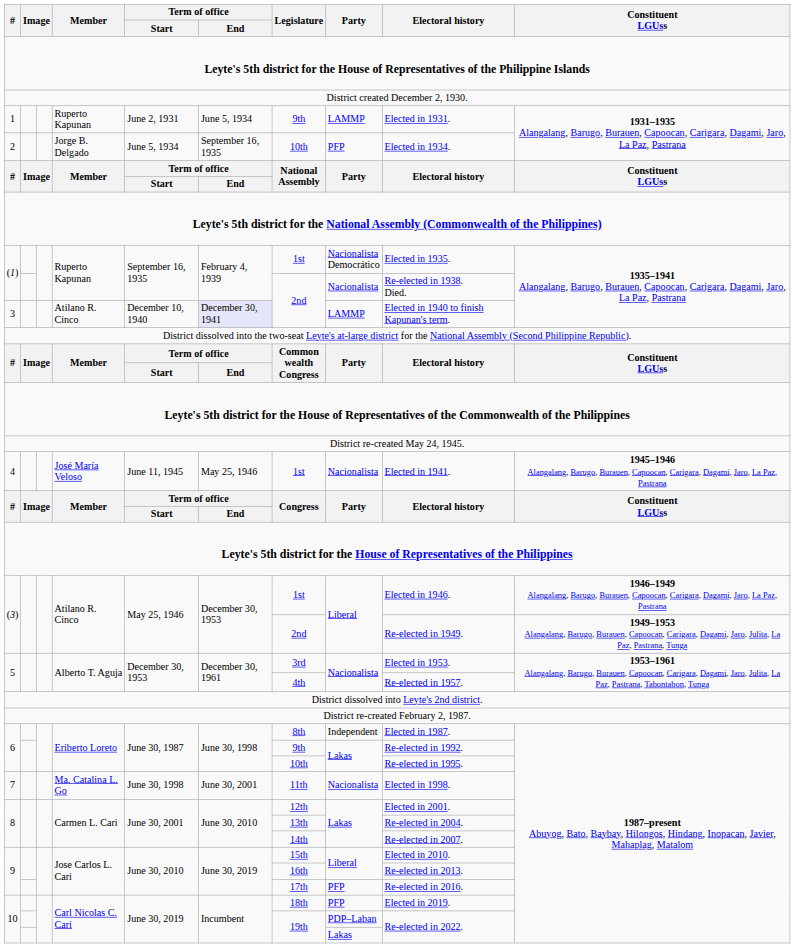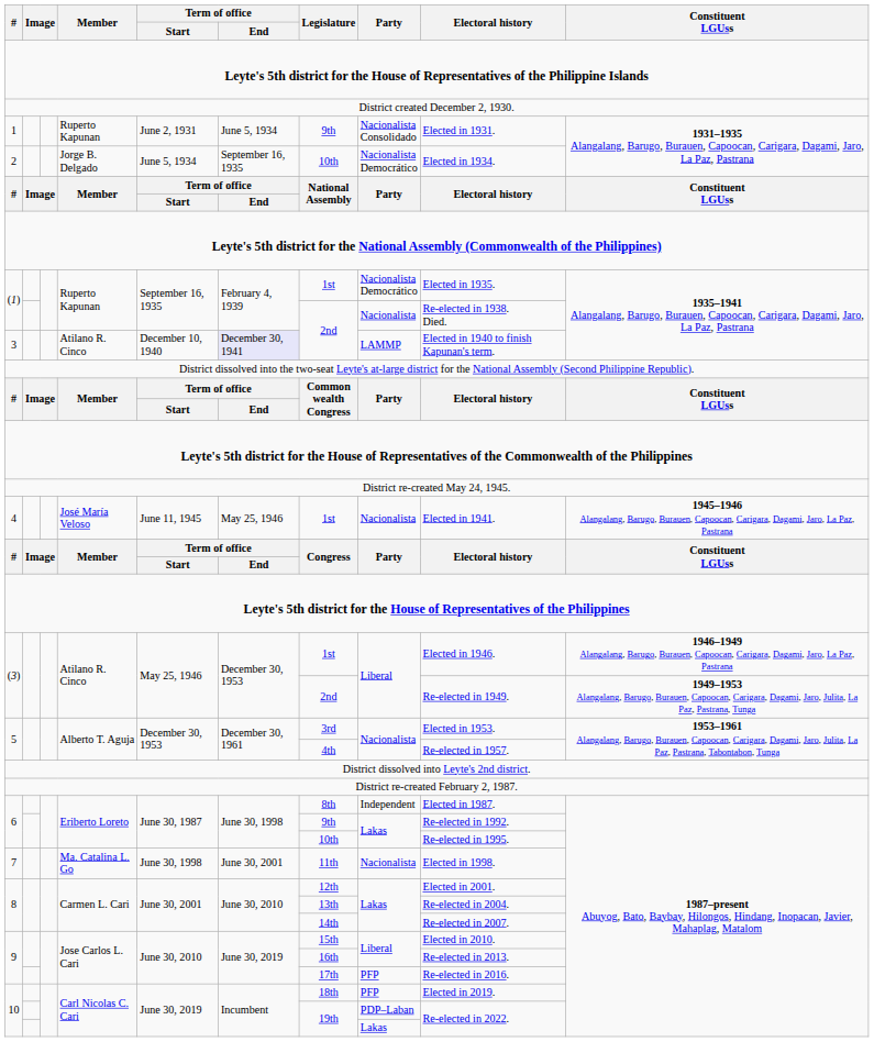 <table class=wikitable>
 <tr>
 <th rowspan="2">#</th>
 <th rowspan="2" colspan=2>Image</th>
 <th rowspan="2">Member</th>
 <th colspan=2>Term of office</th>
 <th rowspan="2">Legislature</th>
 <th rowspan="2">Party</th>
 <th rowspan="2">Electoral history</th>
 <th rowspan="2">Constituent<br><a href='#'>LGUs</a>s</th>
 </tr>
 <tr>
 <th>Start</th>
 <th>End</th>
 </tr>
 <tr>
 <td colspan="10" style="text-align:center;"><br><h3>Leyte's 5th district for the House of Representatives of the Philippine Islands</h3></td>
 </tr>
 <tr>
 <td colspan="10" style="text-align:center;">District created December 2, 1930.</td>
 </tr>
 <tr>
 <td style="text-align:center;">1</td>
 <td style="color:inherit;background:"></td>
 <td></td>
 <td>Ruperto Kapunan</td>
 <td>June 2, 1931</td>
 <td>June 5, 1934</td>
 <td style="text-align:center;"><a href='#'>9th</a></td>
-<td><a href='#'>LAMMP</a></td>
+<td><a href='#'>Nacionalista</a><br>Consolidado</td>
 <td><a href='#'>Elected in 1931</a>.</td>
 <td rowspan="2" style="text-align:center;"><strong>1931–1935</strong><br><a href='#'>Alangalang</a>, <a href='#'>Barugo</a>, <a href='#'>Burauen</a>, <a href='#'>Capoocan</a>, <a href='#'>Carigara</a>, <a href='#'>Dagami</a>, <a href='#'>Jaro</a>, <a href='#'>La Paz</a>, <a href='#'>Pastrana</a></td>
 </tr>
 <tr>
 <td style="text-align:center;">2</td>
 <td style="color:inherit;background:"></td>
 <td></td>
 <td>Jorge B. Delgado</td>
 <td>June 5, 1934</td>
 <td>September 16, 1935</td>
 <td style="text-align:center;"><a href='#'>10th</a></td>
-<td><a href='#'>PFP</a></td>
+<td><a href='#'>Nacionalista</a><br>Democrático</td>
 <td><a href='#'>Elected in 1934</a>.</td>
 </tr>
 <tr>
 <th rowspan="2">#</th>
 <th rowspan="2" colspan=2>Image</th>
 <th rowspan="2">Member</th>
 <th colspan=2>Term of office</th>
 <th rowspan="2">National<br>Assembly</th>
 <th rowspan="2">Party</th>
 <th rowspan="2">Electoral history</th>
 <th rowspan="2">Constituent<br><a href='#'>LGUs</a>s</th>
 </tr>
 <tr>
 <th>Start</th>
 <th>End</th>
 </tr>
 <tr>
 <td colspan="10" style="text-align:center;"><br><h3>Leyte's 5th district for the <a href='#'>National Assembly (Commonwealth of the Philippines)</a></h3></td>
 </tr>
 <tr>
 <td rowspan="2" style="text-align:center;">(<em>1</em>)</td>
 <td style="color:inherit;background:"></td>
 <td rowspan="2"></td>
 <td rowspan="2">Ruperto Kapunan</td>
 <td rowspan="2">September 16, 1935</td>
 <td rowspan="2">February 4, 1939</td>
 <td style="text-align:center;"><a href='#'>1st</a></td>
 <td><a href='#'>Nacionalista</a><br>Democrático</td>
 <td><a href='#'>Elected in 1935</a>.</td>
 <td rowspan="3" style="text-align:center;"><strong>1935–1941</strong><br><a href='#'>Alangalang</a>, <a href='#'>Barugo</a>, <a href='#'>Burauen</a>, <a href='#'>Capoocan</a>, <a href='#'>Carigara</a>, <a href='#'>Dagami</a>, <a href='#'>Jaro</a>, <a href='#'>La Paz</a>, <a href='#'>Pastrana</a></td>
 </tr>
 <tr>
 <td style="color:inherit;background:"></td>
 <td rowspan="2" style="text-align:center;"><a href='#'>2nd</a></td>
 <td><a href='#'>Nacionalista</a></td>
 <td><a href='#'>Re-elected in 1938</a>.<br>Died.</td>
 </tr>
 <tr>
 <td style="text-align:center;">3</td>
 <td style="color:inherit;background:"></td>
 <td></td>
 <td>Atilano R. Cinco</td>
 <td>December 10, 1940</td>
 <td style="background: lavender;">December 30, 1941</td>
 <td><a href='#'>LAMMP</a></td>
 <td><a href='#'>Elected in 1940 to finish Kapunan's term</a>.</td>
 </tr>
 <tr>
 <td colspan="10" style="text-align:center;">District dissolved into the two-seat <a href='#'>Leyte's at-large district</a> for the <a href='#'>National Assembly (Second Philippine Republic)</a>.</td>
 </tr>
 <tr>
 <th rowspan="2">#</th>
 <th rowspan="2" colspan=2>Image</th>
 <th rowspan="2">Member</th>
 <th colspan=2>Term of office</th>
 <th rowspan="2">Common<br>wealth<br>Congress</th>
 <th rowspan="2">Party</th>
 <th rowspan="2">Electoral history</th>
 <th rowspan="2">Constituent<br><a href='#'>LGUs</a>s</th>
 </tr>
 <tr>
 <th>Start</th>
 <th>End</th>
 </tr>
 <tr>
 <td colspan="10" style="text-align:center;"><br><h3>Leyte's 5th district for the House of Representatives of the Commonwealth of the Philippines</h3></td>
 </tr>
 <tr>
 <td colspan="10" style="text-align:center;">District re-created May 24, 1945.</td>
 </tr>
 <tr>
 <td style="text-align:center;">4</td>
 <td style="color:inherit;background:"></td>
 <td></td>
 <td><a href='#'>José María Veloso</a></td>
 <td>June 11, 1945</td>
 <td>May 25, 1946</td>
 <td style="text-align:center;"><a href='#'>1st</a></td>
 <td><a href='#'>Nacionalista</a></td>
 <td><a href='#'>Elected in 1941</a>.</td>
 <td style="text-align:center;"><strong>1945–1946</strong><br><small><a href='#'>Alangalang</a>, <a href='#'>Barugo</a>, <a href='#'>Burauen</a>, <a href='#'>Capoocan</a>, <a href='#'>Carigara</a>, <a href='#'>Dagami</a>, <a href='#'>Jaro</a>, <a href='#'>La Paz</a>, <a href='#'>Pastrana</a></small></td>
 </tr>
 <tr>
 <th rowspan="2">#</th>
 <th rowspan="2" colspan=2>Image</th>
 <th rowspan="2">Member</th>
 <th colspan=2>Term of office</th>
 <th rowspan="2">Congress</th>
 <th rowspan="2">Party</th>
 <th rowspan="2">Electoral history</th>
 <th rowspan="2">Constituent<br><a href='#'>LGUs</a>s</th>
 </tr>
 <tr>
 <th>Start</th>
 <th>End</th>
 </tr>
 <tr>
 <td colspan="10" style="text-align:center;"><br><h3>Leyte's 5th district for the <a href='#'>House of Representatives of the Philippines</a></h3></td>
 </tr>
 <tr>
 <td rowspan="2" style="text-align:center;">(<em>3</em>)</td>
 <td rowspan="2" style="color:inherit;background:"></td>
 <td rowspan="2"></td>
 <td rowspan="2">Atilano R. Cinco</td>
 <td rowspan="2">May 25, 1946</td>
 <td rowspan="2">December 30, 1953</td>
 <td style="text-align:center;"><a href='#'>1st</a></td>
 <td rowspan="2"><a href='#'>Liberal</a></td>
 <td><a href='#'>Elected in 1946</a>.</td>
 <td style="text-align:center;"><strong>1946–1949</strong><br><small><a href='#'>Alangalang</a>, <a href='#'>Barugo</a>, <a href='#'>Burauen</a>, <a href='#'>Capoocan</a>, <a href='#'>Carigara</a>, <a href='#'>Dagami</a>, <a href='#'>Jaro</a>, <a href='#'>La Paz</a>, <a href='#'>Pastrana</a></small></td>
 </tr>
 <tr>
 <td style="text-align:center;"><a href='#'>2nd</a></td>
 <td><a href='#'>Re-elected in 1949</a>.</td>
 <td style="text-align:center;"><strong>1949–1953</strong><br><small><a href='#'>Alangalang</a>, <a href='#'>Barugo</a>, <a href='#'>Burauen</a>, <a href='#'>Capoocan</a>, <a href='#'>Carigara</a>, <a href='#'>Dagami</a>, <a href='#'>Jaro</a>, <a href='#'>Julita</a>, <a href='#'>La Paz</a>, <a href='#'>Pastrana</a>, <a href='#'>Tunga</a></small></td>
 </tr>
 <tr>
 <td rowspan="2" style="text-align:center;">5</td>
 <td rowspan="2" style="color:inherit;background:"></td>
 <td rowspan="2"></td>
 <td rowspan="2">Alberto T. Aguja</td>
 <td rowspan="2">December 30, 1953</td>
 <td rowspan="2">December 30, 1961</td>
 <td style="text-align:center;"><a href='#'>3rd</a></td>
 <td rowspan="2"><a href='#'>Nacionalista</a></td>
 <td><a href='#'>Elected in 1953</a>.</td>
 <td rowspan="2" style="text-align:center;"><strong>1953–1961</strong><br><small><a href='#'>Alangalang</a>, <a href='#'>Barugo</a>, <a href='#'>Burauen</a>, <a href='#'>Capoocan</a>, <a href='#'>Carigara</a>, <a href='#'>Dagami</a>, <a href='#'>Jaro</a>, <a href='#'>Julita</a>, <a href='#'>La Paz</a>, <a href='#'>Pastrana</a>, <a href='#'>Tabontabon</a>, <a href='#'>Tunga</a></small></td>
 </tr>
 <tr>
 <td style="text-align:center;"><a href='#'>4th</a></td>
 <td><a href='#'>Re-elected in 1957</a>.</td>
 </tr>
 <tr>
 <td colspan="10" style="text-align:center;">District dissolved into <a href='#'>Leyte's 2nd district</a>.</td>
 </tr>
 <tr>
 <td colspan="10" style="text-align:center;">District re-created February 2, 1987.</td>
 </tr>
 <tr>
 <td rowspan="3" style="text-align:center;">6</td>
 <td style="color:inherit;background:"></td>
 <td rowspan="3"></td>
 <td rowspan="3"><a href='#'>Eriberto Loreto</a></td>
 <td rowspan="3">June 30, 1987</td>
 <td rowspan="3">June 30, 1998</td>
 <td style="text-align:center;"><a href='#'>8th</a></td>
 <td>Independent</td>
 <td><a href='#'>Elected in 1987</a>.</td>
 <td rowspan="13" style="text-align:center;"><strong>1987–present</strong><br><a href='#'>Abuyog</a>, <a href='#'>Bato</a>, <a href='#'>Baybay</a>, <a href='#'>Hilongos</a>, <a href='#'>Hindang</a>, <a href='#'>Inopacan</a>, <a href='#'>Javier</a>, <a href='#'>Mahaplag</a>, <a href='#'>Matalom</a></td>
 </tr>
 <tr>
 <td rowspan="2" style="color:inherit;background:"></td>
 <td style="text-align:center;"><a href='#'>9th</a></td>
 <td rowspan="2"><a href='#'>Lakas</a></td>
 <td><a href='#'>Re-elected in 1992</a>.</td>
 </tr>
 <tr>
 <td style="text-align:center;"><a href='#'>10th</a></td>
 <td><a href='#'>Re-elected in 1995</a>.</td>
 </tr>
 <tr>
 <td style="text-align:center;">7</td>
 <td style="color:inherit;background:"></td>
 <td></td>
 <td><a href='#'>Ma. Catalina L. Go</a></td>
 <td>June 30, 1998</td>
 <td>June 30, 2001</td>
 <td style="text-align:center;"><a href='#'>11th</a></td>
 <td><a href='#'>Nacionalista</a></td>
 <td><a href='#'>Elected in 1998</a>.</td>
 </tr>
 <tr>
 <td rowspan="3" style="text-align:center;">8</td>
 <td rowspan="3" style="color:inherit;background:"></td>
 <td rowspan="3"></td>
 <td rowspan="3">Carmen L. Cari</td>
 <td rowspan="3">June 30, 2001</td>
 <td rowspan="3">June 30, 2010</td>
 <td style="text-align:center;"><a href='#'>12th</a></td>
 <td rowspan="3"><a href='#'>Lakas</a></td>
 <td><a href='#'>Elected in 2001</a>.</td>
 </tr>
 <tr>
 <td style="text-align:center;"><a href='#'>13th</a></td>
 <td><a href='#'>Re-elected in 2004</a>.</td>
 </tr>
 <tr>
 <td style="text-align:center;"><a href='#'>14th</a></td>
 <td><a href='#'>Re-elected in 2007</a>.</td>
 </tr>
 <tr>
 <td rowspan="3" style="text-align:center;">9</td>
 <td rowspan="2" style="color:inherit;background:"></td>
 <td rowspan="3"></td>
 <td rowspan="3">Jose Carlos L. Cari</td>
 <td rowspan="3">June 30, 2010</td>
 <td rowspan="3">June 30, 2019</td>
 <td style="text-align:center;"><a href='#'>15th</a></td>
 <td rowspan="2"><a href='#'>Liberal</a></td>
 <td><a href='#'>Elected in 2010</a>.</td>
 </tr>
 <tr>
 <td style="text-align:center;"><a href='#'>16th</a></td>
 <td><a href='#'>Re-elected in 2013</a>.</td>
 </tr>
 <tr>
 <td style="color:inherit;background:"></td>
 <td style="text-align:center;"><a href='#'>17th</a></td>
 <td><a href='#'>PFP</a></td>
 <td><a href='#'>Re-elected in 2016</a>.</td>
 </tr>
 <tr>
 <td rowspan="3" style="text-align:center;">10</td>
 <td style="color:inherit;background:"></td>
 <td rowspan="3"></td>
 <td rowspan="3"><a href='#'>Carl Nicolas C. Cari</a></td>
 <td rowspan="3">June 30, 2019</td>
 <td rowspan="3">Incumbent</td>
 <td style="text-align:center;"><a href='#'>18th</a></td>
 <td><a href='#'>PFP</a></td>
 <td><a href='#'>Elected in 2019</a>.</td>
 </tr>
 <tr>
 <td style="color:inherit;background:"></td>
 <td style="text-align:center;" rowspan="2"><a href='#'>19th</a></td>
 <td><a href='#'>PDP–Laban</a></td>
 <td rowspan="2"><a href='#'>Re-elected in 2022</a>.</td>
 </tr>
 <tr>
 <td style="color:inherit;background:"></td>
 <td><a href='#'>Lakas</a></td>
 </tr>
 </table>
